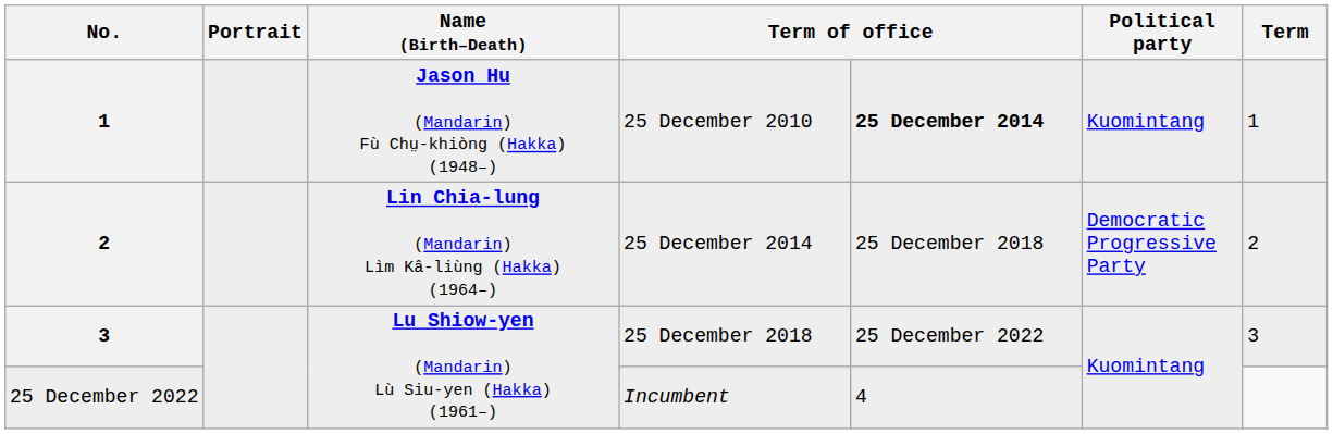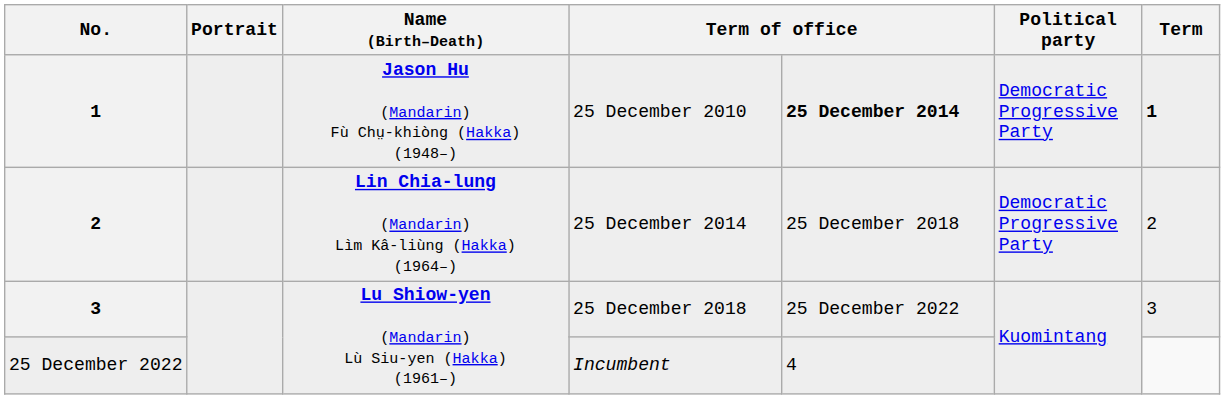 <table class=wikitable>
 <tr>
 <th>No.</th>
 <th>Portrait</th>
 <th width="200">Name<br><small>(Birth–Death)</small></th>
 <th colspan=2 width="300">Term of office</th>
 <th width="100">Political party</th>
 <th width = "50">Term</th>
 </tr>
 <tr - bgcolor=#EEEEEE>
 <th style="background:">1</th>
 <td align=center></td>
 <td align=center><strong><a href='#'>Jason Hu</a></strong> <br><br><small> (<a href='#'>Mandarin</a>)<br>Fù Chṳ-khiòng (<a href='#'>Hakka</a>)<br>(1948–)</small></td>
 <td>25 December 2010</td>
 <td><strong>25 December 2014 </strong></td>
-<td><a href='#'>Kuomintang</a></td>
-<td>1</td>
+<td><a href='#'>Democratic Progressive Party</a></td>
+<td><strong>1</strong></td>
 </tr>
 <tr - bgcolor=#EEEEEE>
 <th style="background:">2</th>
 <td align=center></td>
 <td align=center><strong><a href='#'>Lin Chia-lung</a></strong> <br><br><small> (<a href='#'>Mandarin</a>)<br>Lìm Kâ-liùng (<a href='#'>Hakka</a>)<br>(1964–)</small></td>
 <td>25 December 2014</td>
 <td>25 December 2018 </td>
 <td><a href='#'>Democratic Progressive Party</a></td>
 <td>2</td>
 </tr>
 <tr - bgcolor=#EEEEEE>
 <th style="background:">3</th>
 <td rowspan="2" align="center"></td>
 <td rowspan="2" align="center"><strong><a href='#'>Lu Shiow-yen</a></strong> <br><br><small> (<a href='#'>Mandarin</a>)<br>Lù Siu-yen (<a href='#'>Hakka</a>)<br>(1961–)</small></td>
 <td>25 December 2018</td>
 <td>25 December 2022</td>
 <td rowspan="2"><a href='#'>Kuomintang</a></td>
 <td>3</td>
 </tr>
 <tr - bgcolor=#EEEEEE>
 <td>25 December 2022</td>
 <td><em>Incumbent</em></td>
 <td>4</td>
 </tr>
 </table>
